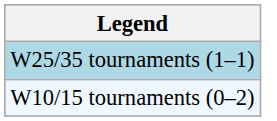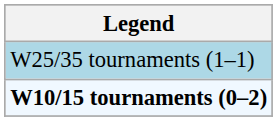 <table class=wikitable style="font-size:85%;">
 <tr>
 <th>Legend</th>
 </tr>
 <tr style="background:lightblue;">
 <td>W25/35 tournaments (1–1)</td>
 </tr>
 <tr style="background:#f0f8ff;">
-<td>W10/15 tournaments (0–2)</td>
+<td><strong>W10/15 tournaments (0–2)</strong></td>
 </tr>
 </table>
